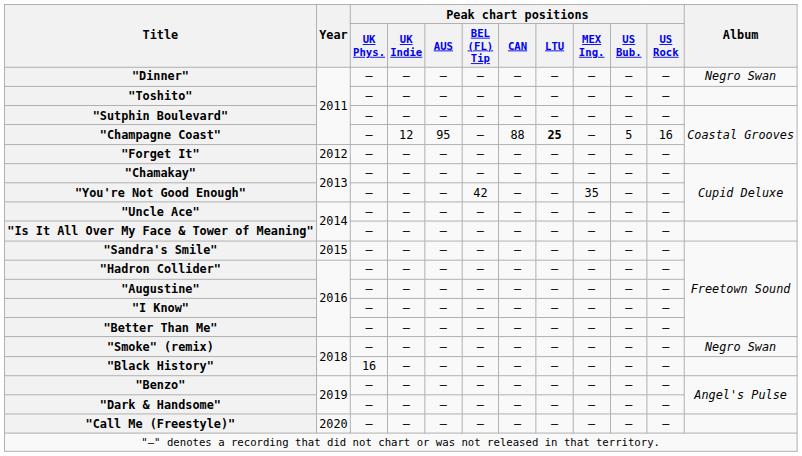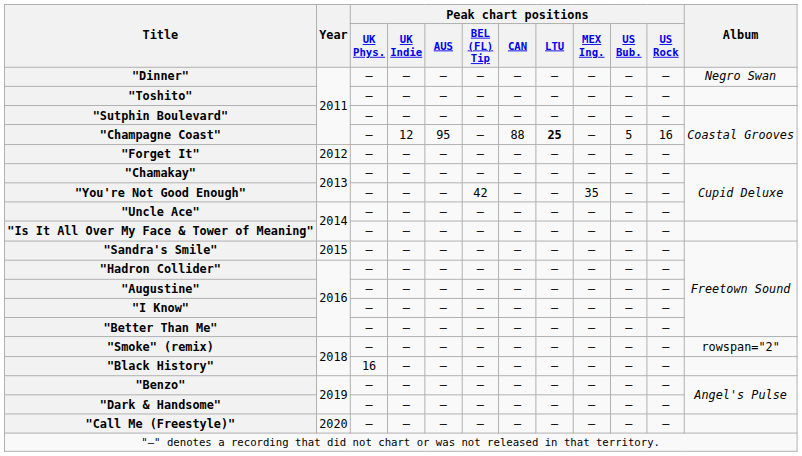 <table class="wikitable plainrowheaders" style="text-align:center">
 <tr>
 <th scope="col" rowspan="2">Title</th>
 <th scope="col" rowspan="2">Year</th>
 <th scope="col" colspan="9">Peak chart positions</th>
 <th scope="col" rowspan="2">Album</th>
 </tr>
 <tr>
 <th scope="col" style="width:3em;font-size:90%"><a href='#'>UK<br>Phys.</a><br></th>
 <th scope="col" style="width:3em;font-size:90%"><a href='#'>UK<br>Indie</a><br></th>
 <th scope="col" style="width:3em;font-size:90%"><a href='#'>AUS</a><br></th>
 <th scope="col" style="width:3em;font-size:90%"><a href='#'>BEL<br>(FL)<br>Tip</a><br></th>
 <th scope="col" style="width:3em;font-size:90%"><a href='#'>CAN</a><br></th>
 <th scope="col" style="width:3em;font-size:90%"><a href='#'>LTU</a><br></th>
 <th scope="col" style="width:3em;font-size:90%"><a href='#'>MEX<br>Ing.</a><br></th>
 <th scope="col" style="width:3em;font-size:90%"><a href='#'>US<br>Bub.</a><br></th>
 <th scope="col" style="width:3em;font-size:90%"><a href='#'>US<br>Rock</a><br></th>
 </tr>
 <tr>
 <th scope="row">"Dinner"</th>
 <td rowspan="4">2011</td>
 <td>—</td>
 <td>—</td>
 <td>—</td>
 <td>—</td>
 <td>—</td>
 <td>—</td>
 <td>—</td>
 <td>—</td>
 <td>—</td>
 <td><em>Negro Swan</em></td>
 </tr>
 <tr>
 <th scope="row">"Toshito"</th>
 <td>—</td>
 <td>—</td>
 <td>—</td>
 <td>—</td>
 <td>—</td>
 <td>—</td>
 <td>—</td>
 <td>—</td>
 <td>—</td>
 </tr>
 <tr>
 <th scope="row">"Sutphin Boulevard"</th>
 <td>—</td>
 <td>—</td>
 <td>—</td>
 <td>—</td>
 <td>—</td>
 <td>—</td>
 <td>—</td>
 <td>—</td>
 <td>—</td>
 <td rowspan="3"><em>Coastal Grooves</em></td>
 </tr>
 <tr>
 <th scope="row">"Champagne Coast"</th>
 <td>—</td>
 <td>12</td>
 <td>95</td>
 <td>—</td>
 <td>88</td>
 <td><strong>25</strong></td>
 <td>—</td>
 <td>5</td>
 <td>16</td>
 </tr>
 <tr>
 <th scope="row">"Forget It"</th>
 <td>2012</td>
 <td>—</td>
 <td>—</td>
 <td>—</td>
 <td>—</td>
 <td>—</td>
 <td>—</td>
 <td>—</td>
 <td>—</td>
 <td>—</td>
 </tr>
 <tr>
 <th scope="row">"Chamakay"</th>
 <td rowspan="2">2013</td>
 <td>—</td>
 <td>—</td>
 <td>—</td>
 <td>—</td>
 <td>—</td>
 <td>—</td>
 <td>—</td>
 <td>—</td>
 <td>—</td>
 <td rowspan="3"><em>Cupid Deluxe</em></td>
 </tr>
 <tr>
 <th scope="row">"You're Not Good Enough"</th>
 <td>—</td>
 <td>—</td>
 <td>—</td>
 <td>42</td>
 <td>—</td>
 <td>—</td>
 <td>35</td>
 <td>—</td>
 <td>—</td>
 </tr>
 <tr>
 <th scope="row">"Uncle Ace"</th>
 <td rowspan="2">2014</td>
 <td>—</td>
 <td>—</td>
 <td>—</td>
 <td>—</td>
 <td>—</td>
 <td>—</td>
 <td>—</td>
 <td>—</td>
 <td>—</td>
 </tr>
 <tr>
 <th scope="row">"Is It All Over My Face & Tower of Meaning"</th>
 <td>—</td>
 <td>—</td>
 <td>—</td>
 <td>—</td>
 <td>—</td>
 <td>—</td>
 <td>—</td>
 <td>—</td>
 <td>—</td>
 <td></td>
 </tr>
 <tr>
 <th scope="row">"Sandra's Smile"</th>
 <td>2015</td>
 <td>—</td>
 <td>—</td>
 <td>—</td>
 <td>—</td>
 <td>—</td>
 <td>—</td>
 <td>—</td>
 <td>—</td>
 <td>—</td>
 <td rowspan="5"><em>Freetown Sound</em></td>
 </tr>
 <tr>
 <th scope="row">"Hadron Collider"<br></th>
 <td rowspan="4">2016</td>
 <td>—</td>
 <td>—</td>
 <td>—</td>
 <td>—</td>
 <td>—</td>
 <td>—</td>
 <td>—</td>
 <td>—</td>
 <td>—</td>
 </tr>
 <tr>
 <th scope="row">"Augustine"</th>
 <td>—</td>
 <td>—</td>
 <td>—</td>
 <td>—</td>
 <td>—</td>
 <td>—</td>
 <td>—</td>
 <td>—</td>
 <td>—</td>
 </tr>
 <tr>
 <th scope="row">"I Know"</th>
 <td>—</td>
 <td>—</td>
 <td>—</td>
 <td>—</td>
 <td>—</td>
 <td>—</td>
 <td>—</td>
 <td>—</td>
 <td>—</td>
 </tr>
 <tr>
 <th scope="row">"Better Than Me"</th>
 <td>—</td>
 <td>—</td>
 <td>—</td>
 <td>—</td>
 <td>—</td>
 <td>—</td>
 <td>—</td>
 <td>—</td>
 <td>—</td>
 </tr>
 <tr>
 <th scope="row">"Smoke" (remix)<br></th>
 <td rowspan="2">2018</td>
 <td>—</td>
 <td>—</td>
 <td>—</td>
 <td>—</td>
 <td>—</td>
 <td>—</td>
 <td>—</td>
 <td>—</td>
 <td>—</td>
-<td><em>Negro Swan</em></td>
+<td>rowspan="2" </td>
 </tr>
 <tr>
 <th scope="row">"Black History"</th>
 <td>16</td>
 <td>—</td>
 <td>—</td>
 <td>—</td>
 <td>—</td>
 <td>—</td>
 <td>—</td>
 <td>—</td>
 <td>—</td>
 <td></td>
 </tr>
 <tr>
 <th scope="row">"Benzo"</th>
 <td rowspan="2">2019</td>
 <td>—</td>
 <td>—</td>
 <td>—</td>
 <td>—</td>
 <td>—</td>
 <td>—</td>
 <td>—</td>
 <td>—</td>
 <td>—</td>
 <td rowspan="2"><em>Angel's Pulse</em></td>
 </tr>
 <tr>
 <th scope="row">"Dark & Handsome"<br></th>
 <td>—</td>
 <td>—</td>
 <td>—</td>
 <td>—</td>
 <td>—</td>
 <td>—</td>
 <td>—</td>
 <td>—</td>
 <td>—</td>
 </tr>
 <tr>
 <th scope="row">"Call Me (Freestyle)"<br></th>
 <td>2020</td>
 <td>—</td>
 <td>—</td>
 <td>—</td>
 <td>—</td>
 <td>—</td>
 <td>—</td>
 <td>—</td>
 <td>—</td>
 <td>—</td>
 <td></td>
 </tr>
 <tr>
 <td colspan="16" style="font-size:90%">"—" denotes a recording that did not chart or was not released in that territory.</td>
 </tr>
 </table>
